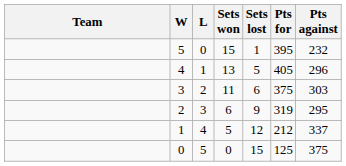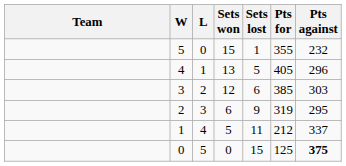 <table class="wikitable" style="text-align:center">
 <tr>
 <th width=200>Team</th>
 <th width=20>W</th>
 <th width=20>L</th>
 <th width=20>Sets won</th>
 <th width=20>Sets lost</th>
 <th width=20>Pts for</th>
 <th width=20>Pts against</th>
 </tr>
 <tr>
 <td style="text-align:left;"></td>
 <td>5</td>
 <td>0</td>
 <td>15</td>
 <td>1</td>
-<td>395</td>
+<td>355</td>
 <td>232</td>
 </tr>
 <tr>
 <td style="text-align:left;"></td>
 <td>4</td>
 <td>1</td>
 <td>13</td>
 <td>5</td>
 <td>405</td>
 <td>296</td>
 </tr>
 <tr>
 <td style="text-align:left;"></td>
 <td>3</td>
 <td>2</td>
-<td>11</td>
+<td>12</td>
 <td>6</td>
-<td>375</td>
+<td>385</td>
 <td>303</td>
 </tr>
 <tr>
 <td style="text-align:left;"></td>
 <td>2</td>
 <td>3</td>
 <td>6</td>
 <td>9</td>
 <td>319</td>
 <td>295</td>
 </tr>
 <tr>
 <td style="text-align:left;"></td>
 <td>1</td>
 <td>4</td>
 <td>5</td>
-<td>12</td>
+<td>11</td>
 <td>212</td>
 <td>337</td>
 </tr>
 <tr>
 <td style="text-align:left;"></td>
 <td>0</td>
 <td>5</td>
 <td>0</td>
 <td>15</td>
 <td>125</td>
-<td>375</td>
+<td><strong>375</strong></td>
 </tr>
 </table>
